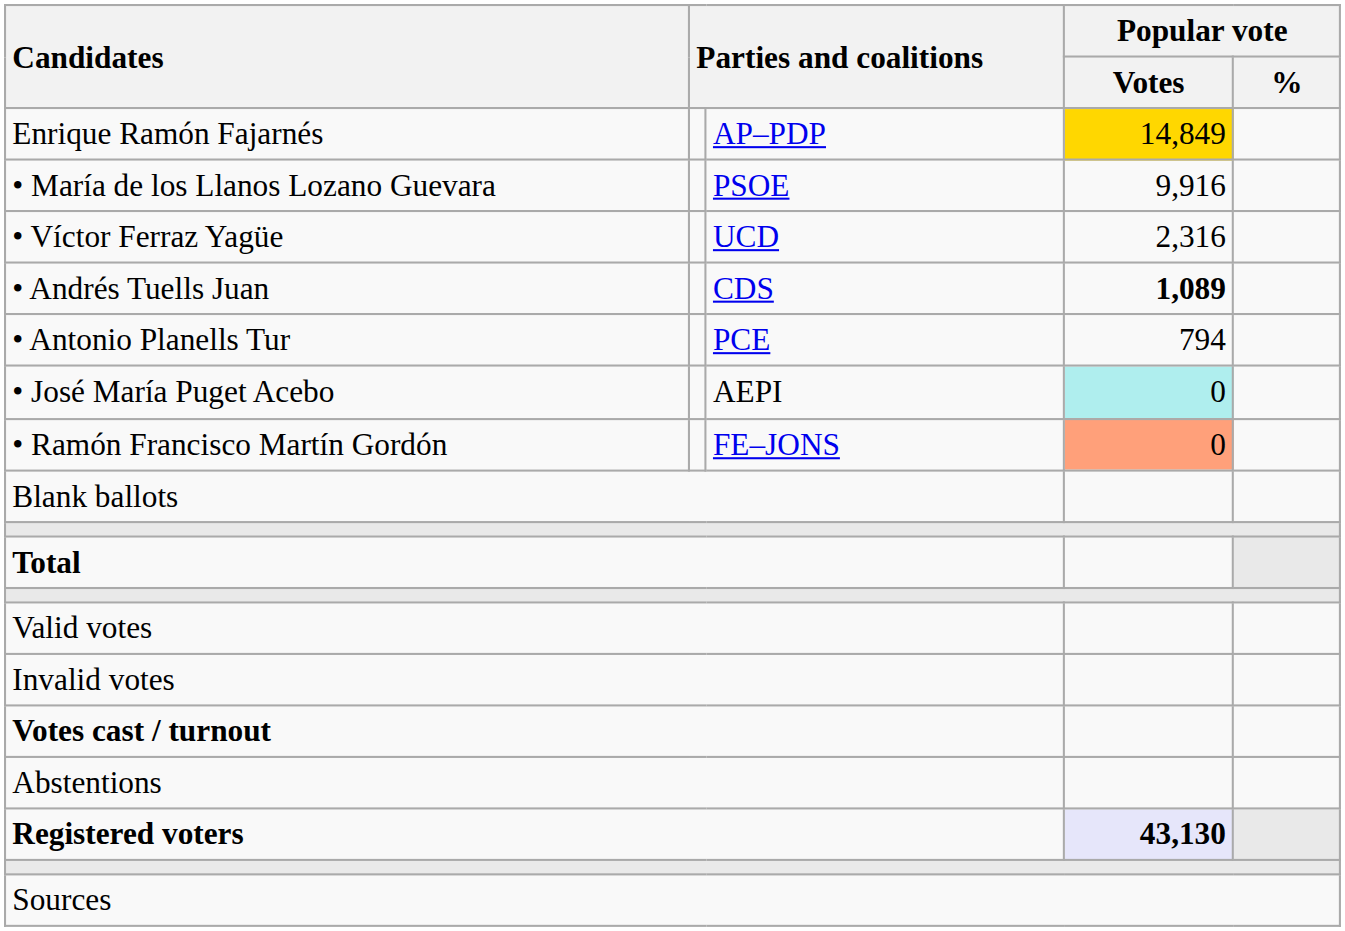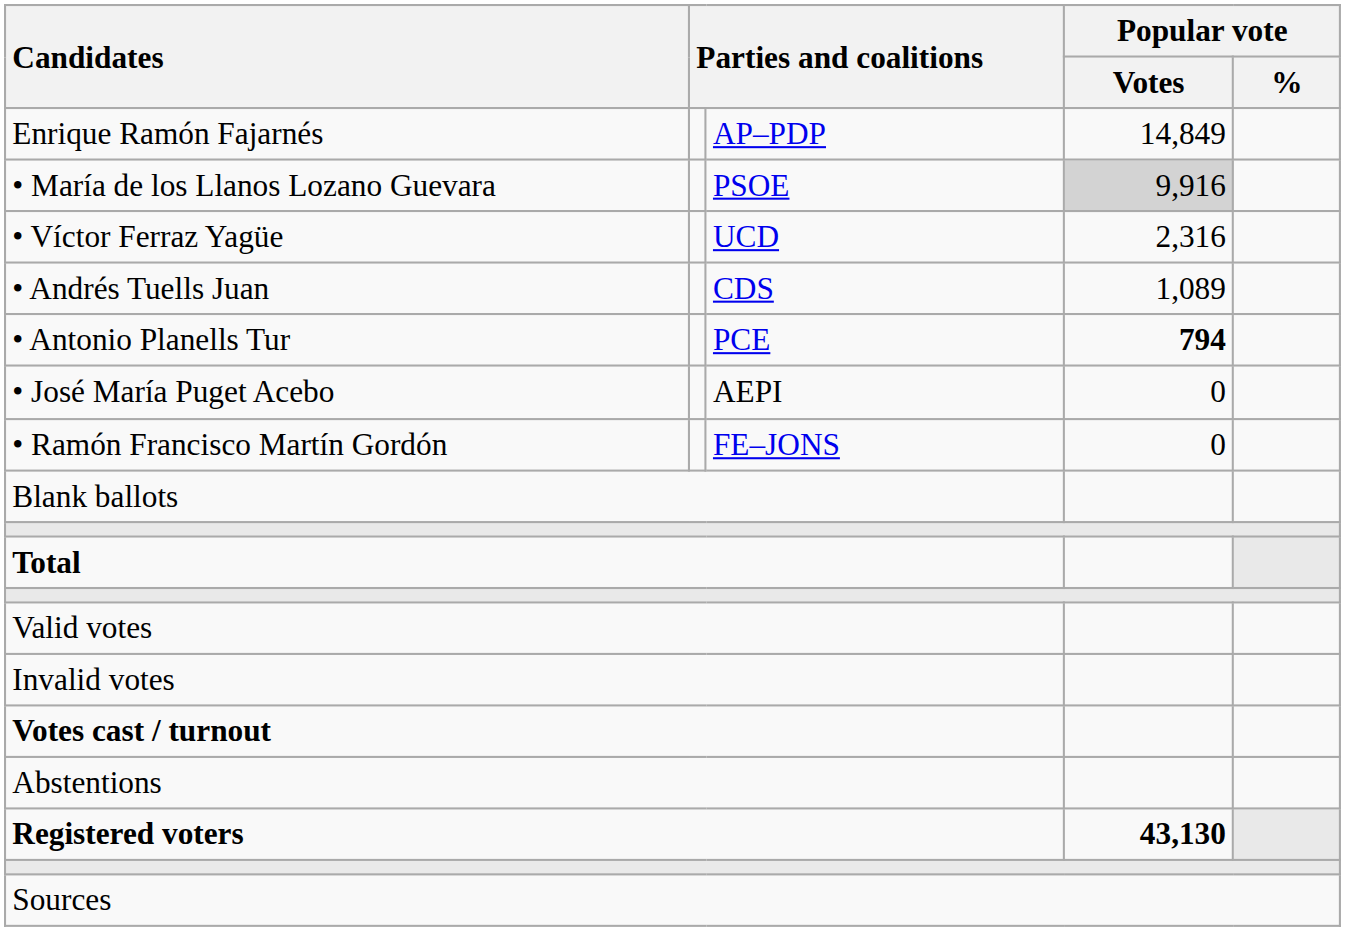 <table class="wikitable" style="text-align:right; font-size:95%;">
 <tr>
 <th style="text-align:left;" rowspan="2" width="325">Candidates</th>
 <th style="text-align:left;" rowspan="2" colspan="2" width="175">Parties and coalitions</th>
 <th colspan="2">Popular vote</th>
 </tr>
 <tr>
 <th width="75">Votes</th>
 <th width="45">%</th>
 </tr>
 <tr>
 <td align="left"> Enrique Ramón Fajarnés</td>
 <td width="1" style="color:inherit;background:"></td>
 <td align="left"><a href='#'>AP–PDP</a></td>
-<td style="background: gold;">14,849</td>
+<td>14,849</td>
 <td></td>
 </tr>
 <tr>
 <td align="left">• María de los Llanos Lozano Guevara</td>
 <td style="color:inherit;background:"></td>
 <td align="left"><a href='#'>PSOE</a></td>
-<td>9,916</td>
+<td style="background: lightgrey;">9,916</td>
 <td></td>
 </tr>
 <tr>
 <td align="left">• Víctor Ferraz Yagüe</td>
 <td style="color:inherit;background:"></td>
 <td align="left"><a href='#'>UCD</a></td>
 <td>2,316</td>
 <td></td>
 </tr>
 <tr>
 <td align="left">• Andrés Tuells Juan</td>
 <td style="color:inherit;background:"></td>
 <td align="left"><a href='#'>CDS</a></td>
-<td><strong>1,089</strong></td>
+<td>1,089</td>
 <td></td>
 </tr>
 <tr>
 <td align="left">• Antonio Planells Tur</td>
 <td style="color:inherit;background:"></td>
 <td align="left"><a href='#'>PCE</a></td>
-<td>794</td>
+<td><strong>794</strong></td>
 <td></td>
 </tr>
 <tr>
 <td align="left">• José María Puget Acebo</td>
 <td style="color:inherit;background:"></td>
 <td align="left">AEPI</td>
-<td style="background: paleturquoise;">0</td>
+<td>0</td>
 <td></td>
 </tr>
 <tr>
 <td align="left">• Ramón Francisco Martín Gordón</td>
 <td style="color:inherit;background:"></td>
 <td align="left"><a href='#'>FE–JONS</a></td>
-<td style="background: lightsalmon;">0</td>
+<td>0</td>
 <td></td>
 </tr>
 <tr>
 <td align="left" colspan="3">Blank ballots</td>
 <td></td>
 <td></td>
 </tr>
 <tr>
 <td colspan="5" bgcolor="#E9E9E9"></td>
 </tr>
 <tr style="font-weight:bold;">
 <td align="left" colspan="3">Total</td>
 <td></td>
 <td bgcolor="#E9E9E9"></td>
 </tr>
 <tr>
 <td colspan="5" bgcolor="#E9E9E9"></td>
 </tr>
 <tr>
 <td align="left" colspan="3">Valid votes</td>
 <td></td>
 <td></td>
 </tr>
 <tr>
 <td align="left" colspan="3">Invalid votes</td>
 <td></td>
 <td></td>
 </tr>
 <tr style="font-weight:bold;">
 <td align="left" colspan="3">Votes cast / turnout</td>
 <td></td>
 <td></td>
 </tr>
 <tr>
 <td align="left" colspan="3">Abstentions</td>
 <td></td>
 <td></td>
 </tr>
 <tr style="font-weight:bold;">
 <td align="left" colspan="3">Registered voters</td>
-<td style="background: lavender;">43,130</td>
+<td>43,130</td>
 <td bgcolor="#E9E9E9"></td>
 </tr>
 <tr>
 <td colspan="5" bgcolor="#E9E9E9"></td>
 </tr>
 <tr>
 <td align="left" colspan="5">Sources</td>
 </tr>
 </table>
